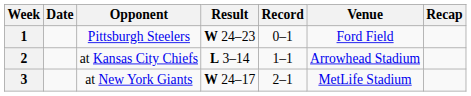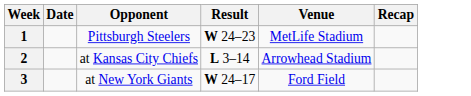 <table class="wikitable" style="text-align:center">
 <tr>
 <th>Week</th>
 <th>Date</th>
 <th>Opponent</th>
 <th>Result</th>
-<th>Record</th>
 <th>Venue</th>
 <th>Recap</th>
 </tr>
 <tr>
 <th>1</th>
 <td></td>
 <td><a href='#'>Pittsburgh Steelers</a></td>
 <td><strong>W</strong> 24–23</td>
-<td>0–1</td>
-<td><a href='#'>Ford Field</a></td>
+<td><a href='#'>MetLife Stadium</a></td>
 <td></td>
 </tr>
 <tr>
 <th>2</th>
 <td></td>
 <td>at <a href='#'>Kansas City Chiefs</a></td>
 <td><strong>L</strong> 3–14</td>
-<td>1–1</td>
 <td><a href='#'>Arrowhead Stadium</a></td>
 <td></td>
 </tr>
 <tr>
 <th>3</th>
 <td></td>
 <td>at <a href='#'>New York Giants</a></td>
 <td><strong>W</strong> 24–17</td>
-<td>2–1</td>
-<td><a href='#'>MetLife Stadium</a></td>
+<td><a href='#'>Ford Field</a></td>
 <td></td>
 </tr>
 </table>
